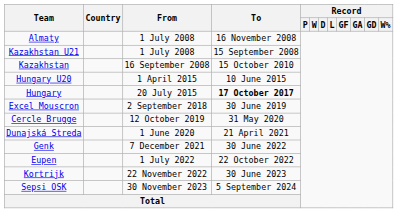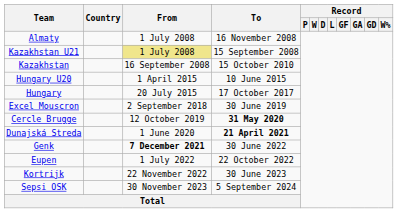 <table class="wikitable" style="text-align: center">
 <tr>
 <th rowspan="2">Team</th>
 <th rowspan="2">Country</th>
 <th rowspan="2">From</th>
 <th rowspan="2">To</th>
 <th colspan="8">Record</th>
 </tr>
 <tr>
 <th>P</th>
 <th>W</th>
 <th>D</th>
 <th>L</th>
 <th>GF</th>
 <th>GA</th>
 <th>GD</th>
 <th>W%</th>
 </tr>
 <tr>
 <td><a href='#'>Almaty</a></td>
 <td></td>
 <td>1 July 2008</td>
 <td>16 November 2008<br></td>
 </tr>
 <tr>
 <td><a href='#'>Kazakhstan U21</a></td>
 <td></td>
-<td>1 July 2008</td>
+<td style="background: khaki;">1 July 2008</td>
 <td>15 September 2008<br></td>
 </tr>
 <tr>
 <td><a href='#'>Kazakhstan</a></td>
 <td></td>
 <td>16 September 2008</td>
 <td>15 October 2010<br></td>
 </tr>
 <tr>
 <td><a href='#'>Hungary U20</a></td>
 <td></td>
 <td>1 April 2015</td>
 <td>10 June 2015<br></td>
 </tr>
 <tr>
 <td><a href='#'>Hungary</a></td>
 <td></td>
 <td>20 July 2015</td>
-<td><strong>17 October 2017<br></strong></td>
+<td>17 October 2017<br></td>
 </tr>
 <tr>
 <td><a href='#'>Excel Mouscron</a></td>
 <td></td>
 <td>2 September 2018</td>
 <td>30 June 2019<br></td>
 </tr>
 <tr>
 <td><a href='#'>Cercle Brugge</a></td>
 <td></td>
 <td>12 October 2019</td>
-<td>31 May 2020<br></td>
+<td><strong>31 May 2020<br></strong></td>
 </tr>
 <tr>
 <td><a href='#'>Dunajská Streda</a></td>
 <td></td>
 <td>1 June 2020</td>
-<td>21 April 2021<br></td>
+<td><strong>21 April 2021<br></strong></td>
 </tr>
 <tr>
 <td><a href='#'>Genk</a></td>
 <td></td>
-<td>7 December 2021</td>
+<td><strong>7 December 2021</strong></td>
 <td>30 June 2022<br></td>
 </tr>
 <tr>
 <td><a href='#'>Eupen</a></td>
 <td></td>
 <td>1 July 2022</td>
 <td>22 October 2022<br></td>
 </tr>
 <tr>
 <td><a href='#'>Kortrijk</a></td>
 <td></td>
 <td>22 November 2022</td>
 <td>30 June 2023<br></td>
 </tr>
 <tr>
 <td><a href='#'>Sepsi OSK</a></td>
 <td></td>
 <td>30 November 2023</td>
 <td>5 September 2024<br></td>
 </tr>
 <tr>
 <th colspan="4">Total<br></th>
 </tr>
 </table>
